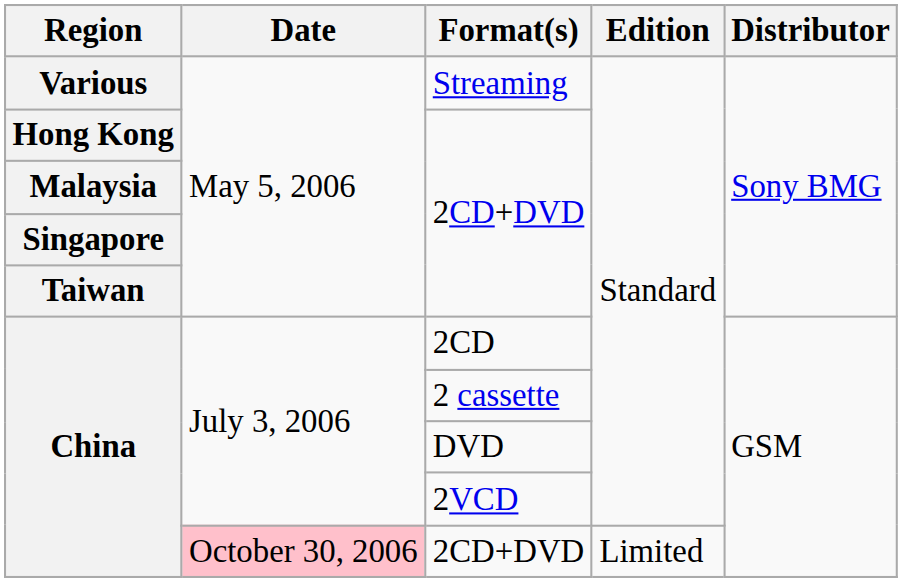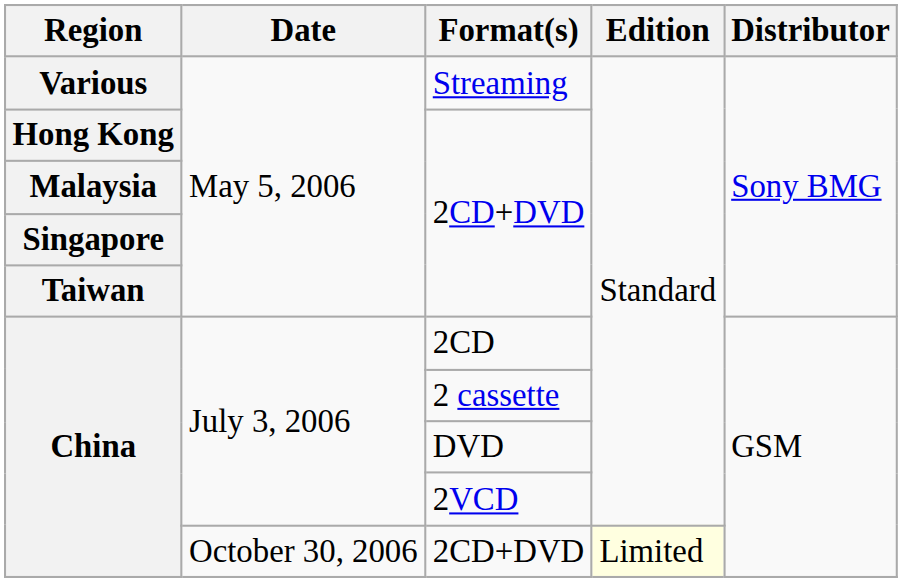 <table class="wikitable plainrowheaders">
 <tr>
 <th>Region</th>
 <th>Date</th>
 <th>Format(s)</th>
 <th>Edition</th>
 <th>Distributor</th>
 </tr>
 <tr>
 <th scope="row">Various</th>
 <td rowspan="5">May 5, 2006</td>
 <td><a href='#'>Streaming</a></td>
 <td rowspan="9">Standard</td>
 <td rowspan="5"><a href='#'>Sony BMG</a></td>
 </tr>
 <tr>
 <th scope="row">Hong Kong</th>
 <td rowspan="4">2<a href='#'>CD</a>+<a href='#'>DVD</a></td>
 </tr>
 <tr>
 <th scope="row">Malaysia</th>
 </tr>
 <tr>
 <th scope="row">Singapore</th>
 </tr>
 <tr>
 <th scope="row">Taiwan</th>
 </tr>
 <tr>
 <th scope="row" rowspan="5">China</th>
 <td rowspan="4">July 3, 2006</td>
 <td>2CD</td>
 <td rowspan="5">GSM</td>
 </tr>
 <tr>
 <td>2 <a href='#'>cassette</a></td>
 </tr>
 <tr>
 <td>DVD</td>
 </tr>
 <tr>
 <td>2<a href='#'>VCD</a></td>
 </tr>
 <tr>
-<td style="background: pink;">October 30, 2006</td>
+<td>October 30, 2006</td>
 <td>2CD+DVD</td>
-<td>Limited</td>
+<td style="background: lightyellow;">Limited</td>
 </tr>
 </table>
